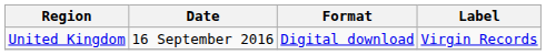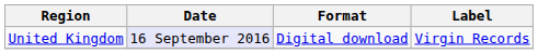 <table class=wikitable>
 <tr>
 <th>Region</th>
 <th>Date</th>
 <th>Format</th>
 <th>Label</th>
 </tr>
 <tr>
 <td><a href='#'>United Kingdom</a></td>
-<td>16 September 2016</td>
+<td style="background: lavender;">16 September 2016</td>
 <td><a href='#'>Digital download</a></td>
 <td><a href='#'>Virgin Records</a></td>
 </tr>
 <tr>
 </tr>
 </table>
